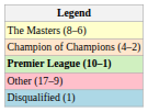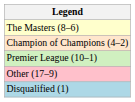 <table class="wikitable">
 <tr>
 <th>Legend</th>
 </tr>
 <tr style="background:#ffc;">
 <td>The Masters (8–6)</td>
 </tr>
 <tr style="background:#FFE6CC;">
 <td>Champion of Champions (4–2)</td>
 </tr>
 <tr style="background:#D0F0C0;">
-<td><strong>Premier League (10–1)</strong></td>
+<td>Premier League (10–1)</td>
 </tr>
 <tr>
 <td style="background: pink;">Other (17–9)</td>
 </tr>
 <tr style="background:lightblue;">
 <td>Disqualified (1)</td>
 </tr>
 </table>
